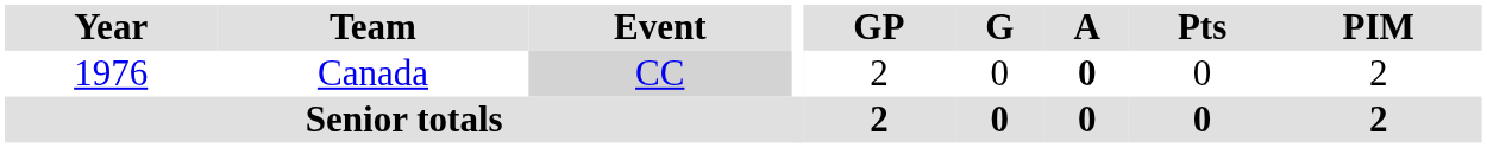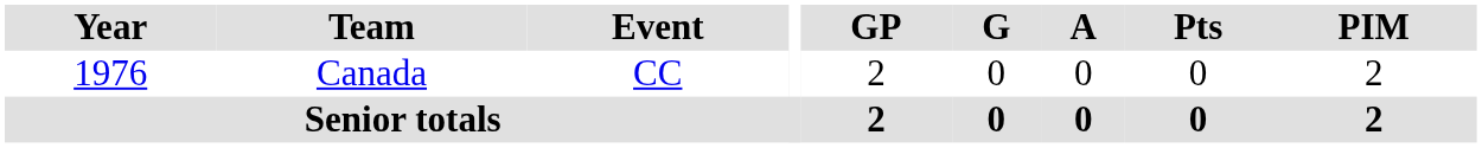 <table border="0" cellpadding="1" cellspacing="0" ID="Table3" style="text-align:center; width:40em">
 <tr bgcolor="#e0e0e0">
 <th>Year</th>
 <th>Team</th>
 <th>Event</th>
 <th rowspan="102" bgcolor="#ffffff"></th>
 <th>GP</th>
 <th>G</th>
 <th>A</th>
 <th>Pts</th>
 <th>PIM</th>
 </tr>
 <tr>
 <td><a href='#'>1976</a></td>
 <td><a href='#'>Canada</a></td>
-<td style="background: lightgrey;"><a href='#'>CC</a></td>
+<td><a href='#'>CC</a></td>
 <td>2</td>
 <td>0</td>
-<td><strong>0</strong></td>
+<td>0</td>
 <td>0</td>
 <td>2</td>
 </tr>
 <tr bgcolor="#e0e0e0">
 <th colspan="4">Senior totals</th>
 <th>2</th>
 <th>0</th>
 <th>0</th>
 <th>0</th>
 <th>2</th>
 </tr>
 </table>
